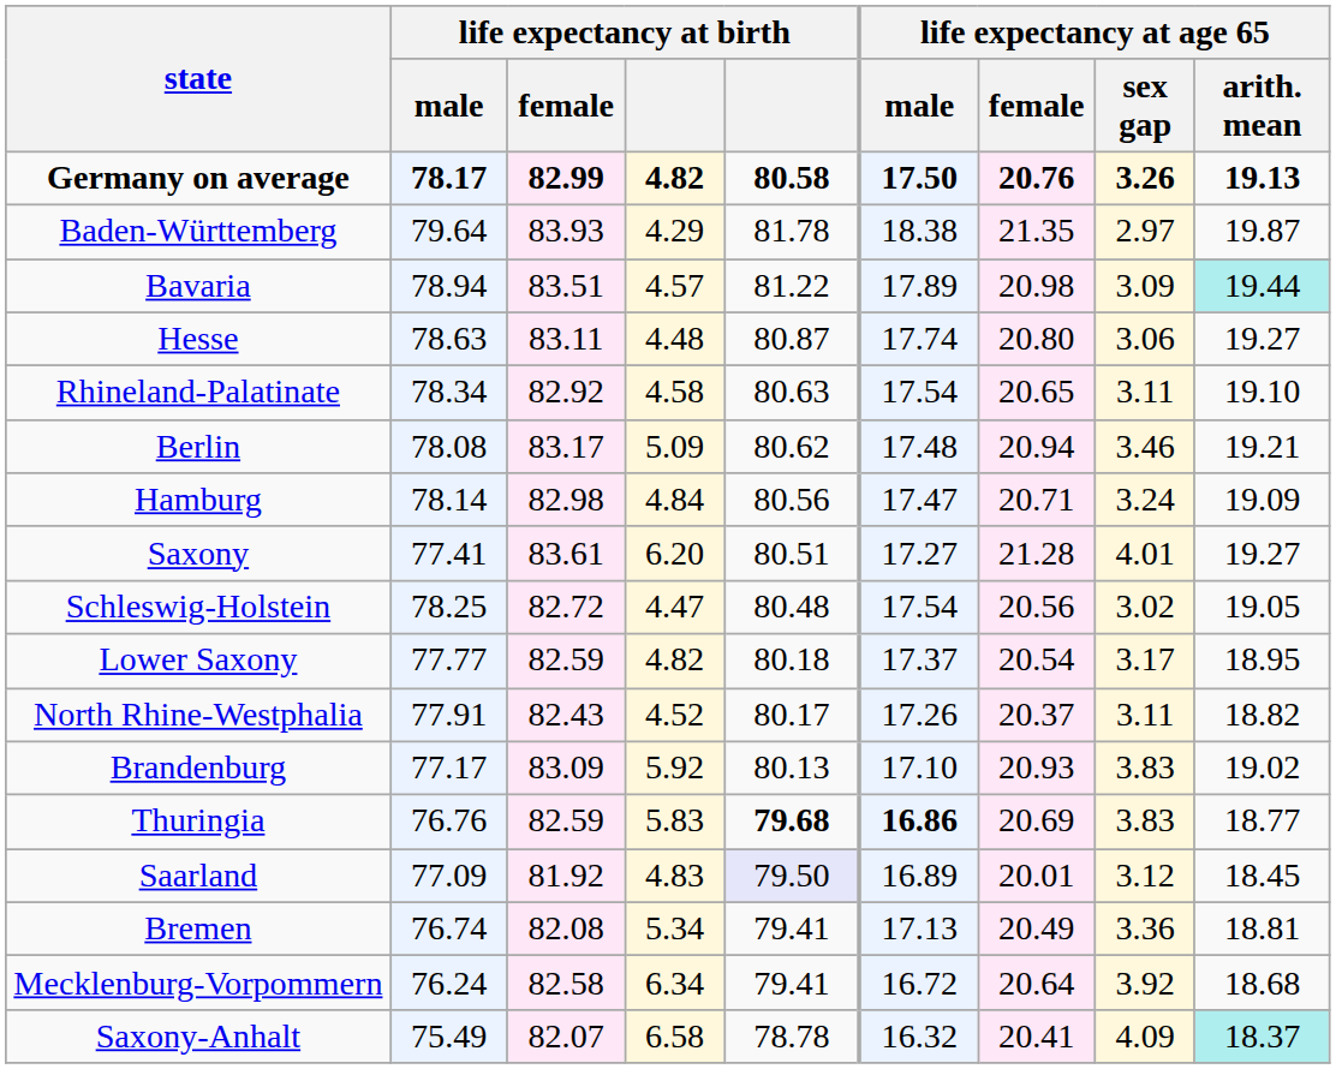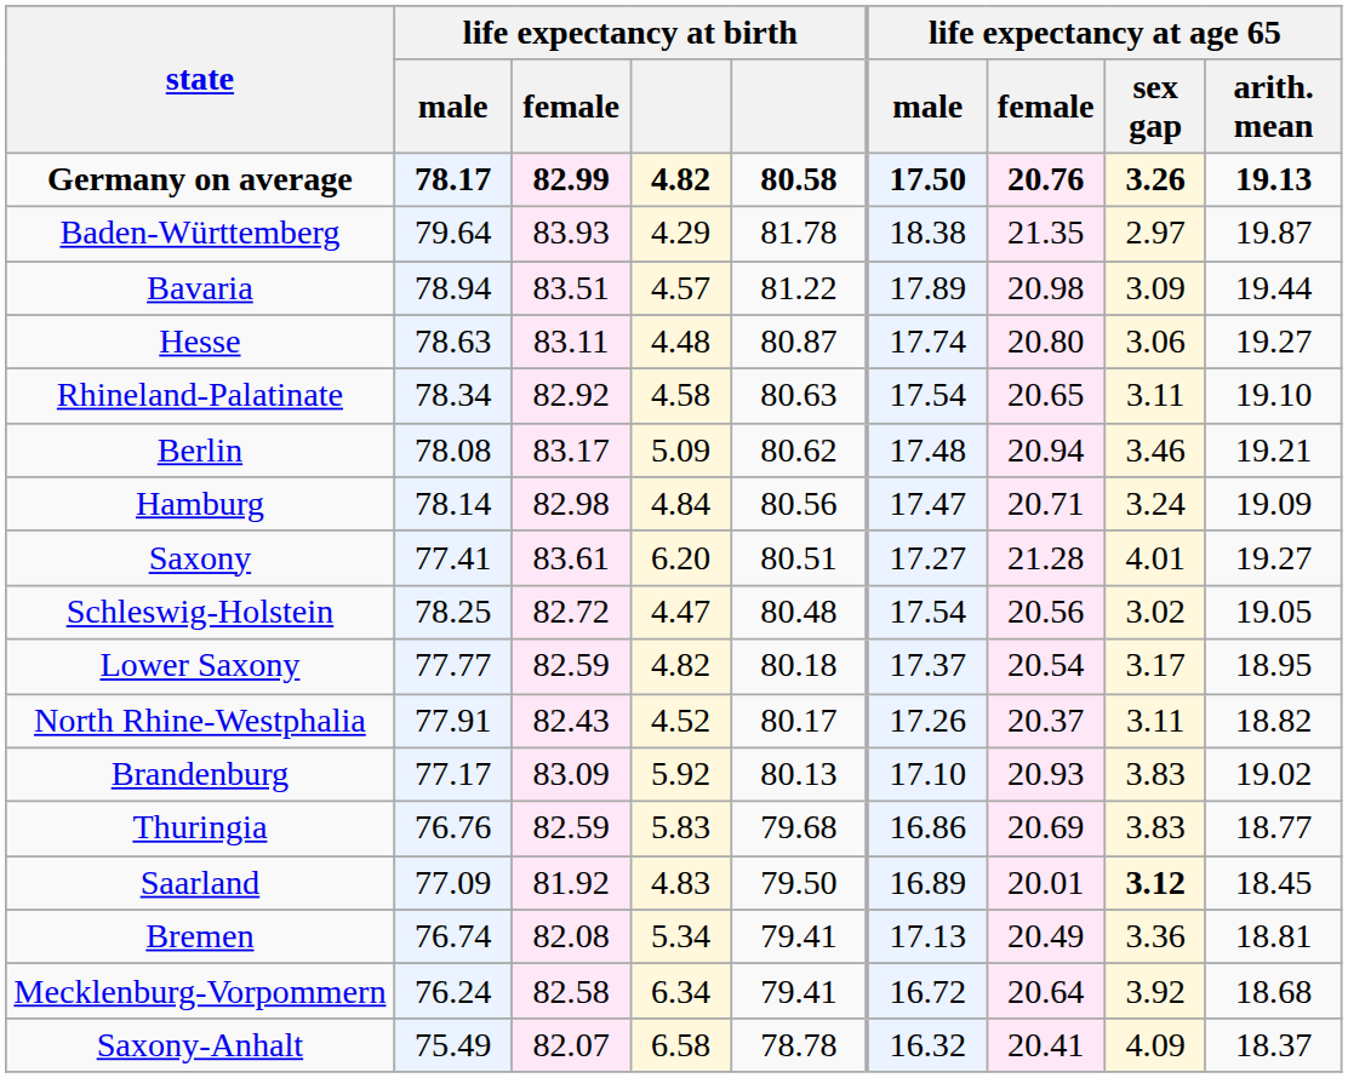 <table class="wikitable sortable mw-datatable static-row-numbers col1left" style="text-align:center;">
 <tr>
 <th rowspan=2 style="vertical-align:middle;"><a href='#'>state</a></th>
 <th colspan=4>life expectancy at birth</th>
 <th colspan=4 style="border-left-width:2px;">life expectancy at age 65</th>
 </tr>
 <tr>
 <th style="vertical-align:middle;width:3em;">male</th>
 <th style="vertical-align:middle;width:3em;">female</th>
 <th style="vertical-align:middle;width:2.5em;"></th>
 <th style="width:3.5em;"></th>
 <th style="vertical-align:middle;width:3em;border-left-width:2px;">male</th>
 <th style="vertical-align:middle;width:3em;">female</th>
 <th style="vertical-align:middle;width:2.5em;">sex gap</th>
 <th style="width:3.5em;">arith. mean</th>
 </tr>
 <tr class=static-row-header>
 <td><strong>Germany on average</strong></td>
 <td style="background:#eaf3ff;"><strong>78.17</strong></td>
 <td style="background:#fee7f6;"><strong>82.99</strong></td>
 <td style="background:#fff8dc;"><strong>4.82</strong></td>
 <td><strong>80.58</strong></td>
 <td style="background:#eaf3ff;border-left-width:2px;"><strong>17.50</strong></td>
 <td style="background:#fee7f6;"><strong>20.76</strong></td>
 <td style="background:#fff8dc;"><strong>3.26</strong></td>
 <td><strong>19.13</strong></td>
 </tr>
 <tr>
 <td><a href='#'>Baden-Württemberg</a></td>
 <td style="background:#eaf3ff;">79.64</td>
 <td style="background:#fee7f6;">83.93</td>
 <td style="background:#fff8dc;">4.29</td>
 <td>81.78</td>
 <td style="background:#eaf3ff;border-left-width:2px;">18.38</td>
 <td style="background:#fee7f6;">21.35</td>
 <td style="background:#fff8dc;">2.97</td>
 <td>19.87</td>
 </tr>
 <tr>
 <td><a href='#'>Bavaria</a></td>
 <td style="background:#eaf3ff;">78.94</td>
 <td style="background:#fee7f6;">83.51</td>
 <td style="background:#fff8dc;">4.57</td>
 <td>81.22</td>
 <td style="background:#eaf3ff;border-left-width:2px;">17.89</td>
 <td style="background:#fee7f6;">20.98</td>
 <td style="background:#fff8dc;">3.09</td>
-<td style="background: paleturquoise;">19.44</td>
+<td>19.44</td>
 </tr>
 <tr>
 <td><a href='#'>Hesse</a></td>
 <td style="background:#eaf3ff;">78.63</td>
 <td style="background:#fee7f6;">83.11</td>
 <td style="background:#fff8dc;">4.48</td>
 <td>80.87</td>
 <td style="background:#eaf3ff;border-left-width:2px;">17.74</td>
 <td style="background:#fee7f6;">20.80</td>
 <td style="background:#fff8dc;">3.06</td>
 <td>19.27</td>
 </tr>
 <tr>
 <td><a href='#'>Rhineland-Palatinate</a></td>
 <td style="background:#eaf3ff;">78.34</td>
 <td style="background:#fee7f6;">82.92</td>
 <td style="background:#fff8dc;">4.58</td>
 <td>80.63</td>
 <td style="background:#eaf3ff;border-left-width:2px;">17.54</td>
 <td style="background:#fee7f6;">20.65</td>
 <td style="background:#fff8dc;">3.11</td>
 <td>19.10</td>
 </tr>
 <tr>
 <td><a href='#'>Berlin</a></td>
 <td style="background:#eaf3ff;">78.08</td>
 <td style="background:#fee7f6;">83.17</td>
 <td style="background:#fff8dc;">5.09</td>
 <td>80.62</td>
 <td style="background:#eaf3ff;border-left-width:2px;">17.48</td>
 <td style="background:#fee7f6;">20.94</td>
 <td style="background:#fff8dc;">3.46</td>
 <td>19.21</td>
 </tr>
 <tr>
 <td><a href='#'>Hamburg</a></td>
 <td style="background:#eaf3ff;">78.14</td>
 <td style="background:#fee7f6;">82.98</td>
 <td style="background:#fff8dc;">4.84</td>
 <td>80.56</td>
 <td style="background:#eaf3ff;border-left-width:2px;">17.47</td>
 <td style="background:#fee7f6;">20.71</td>
 <td style="background:#fff8dc;">3.24</td>
 <td>19.09</td>
 </tr>
 <tr>
 <td><a href='#'>Saxony</a></td>
 <td style="background:#eaf3ff;">77.41</td>
 <td style="background:#fee7f6;">83.61</td>
 <td style="background:#fff8dc;">6.20</td>
 <td>80.51</td>
 <td style="background:#eaf3ff;border-left-width:2px;">17.27</td>
 <td style="background:#fee7f6;">21.28</td>
 <td style="background:#fff8dc;">4.01</td>
 <td>19.27</td>
 </tr>
 <tr>
 <td><a href='#'>Schleswig-Holstein</a></td>
 <td style="background:#eaf3ff;">78.25</td>
 <td style="background:#fee7f6;">82.72</td>
 <td style="background:#fff8dc;">4.47</td>
 <td>80.48</td>
 <td style="background:#eaf3ff;border-left-width:2px;">17.54</td>
 <td style="background:#fee7f6;">20.56</td>
 <td style="background:#fff8dc;">3.02</td>
 <td>19.05</td>
 </tr>
 <tr>
 <td><a href='#'>Lower Saxony</a></td>
 <td style="background:#eaf3ff;">77.77</td>
 <td style="background:#fee7f6;">82.59</td>
 <td style="background:#fff8dc;">4.82</td>
 <td>80.18</td>
 <td style="background:#eaf3ff;border-left-width:2px;">17.37</td>
 <td style="background:#fee7f6;">20.54</td>
 <td style="background:#fff8dc;">3.17</td>
 <td>18.95</td>
 </tr>
 <tr>
 <td><a href='#'>North Rhine-Westphalia</a></td>
 <td style="background:#eaf3ff;">77.91</td>
 <td style="background:#fee7f6;">82.43</td>
 <td style="background:#fff8dc;">4.52</td>
 <td>80.17</td>
 <td style="background:#eaf3ff;border-left-width:2px;">17.26</td>
 <td style="background:#fee7f6;">20.37</td>
 <td style="background:#fff8dc;">3.11</td>
 <td>18.82</td>
 </tr>
 <tr>
 <td><a href='#'>Brandenburg</a></td>
 <td style="background:#eaf3ff;">77.17</td>
 <td style="background:#fee7f6;">83.09</td>
 <td style="background:#fff8dc;">5.92</td>
 <td>80.13</td>
 <td style="background:#eaf3ff;border-left-width:2px;">17.10</td>
 <td style="background:#fee7f6;">20.93</td>
 <td style="background:#fff8dc;">3.83</td>
 <td>19.02</td>
 </tr>
 <tr>
 <td><a href='#'>Thuringia</a></td>
 <td style="background:#eaf3ff;">76.76</td>
 <td style="background:#fee7f6;">82.59</td>
 <td style="background:#fff8dc;">5.83</td>
-<td><strong>79.68</strong></td>
-<td style="background:#eaf3ff;border-left-width:2px;"><strong>16.86</strong></td>
+<td>79.68</td>
+<td style="background:#eaf3ff;border-left-width:2px;">16.86</td>
 <td style="background:#fee7f6;">20.69</td>
 <td style="background:#fff8dc;">3.83</td>
 <td>18.77</td>
 </tr>
 <tr>
 <td><a href='#'>Saarland</a></td>
 <td style="background:#eaf3ff;">77.09</td>
 <td style="background:#fee7f6;">81.92</td>
 <td style="background:#fff8dc;">4.83</td>
-<td style="background: lavender;">79.50</td>
+<td>79.50</td>
 <td style="background:#eaf3ff;border-left-width:2px;">16.89</td>
 <td style="background:#fee7f6;">20.01</td>
-<td style="background:#fff8dc;">3.12</td>
+<td style="background:#fff8dc;"><strong>3.12</strong></td>
 <td>18.45</td>
 </tr>
 <tr>
 <td><a href='#'>Bremen</a></td>
 <td style="background:#eaf3ff;">76.74</td>
 <td style="background:#fee7f6;">82.08</td>
 <td style="background:#fff8dc;">5.34</td>
 <td>79.41</td>
 <td style="background:#eaf3ff;border-left-width:2px;">17.13</td>
 <td style="background:#fee7f6;">20.49</td>
 <td style="background:#fff8dc;">3.36</td>
 <td>18.81</td>
 </tr>
 <tr>
 <td><a href='#'>Mecklenburg-Vorpommern</a></td>
 <td style="background:#eaf3ff;">76.24</td>
 <td style="background:#fee7f6;">82.58</td>
 <td style="background:#fff8dc;">6.34</td>
 <td>79.41</td>
 <td style="background:#eaf3ff;border-left-width:2px;">16.72</td>
 <td style="background:#fee7f6;">20.64</td>
 <td style="background:#fff8dc;">3.92</td>
 <td>18.68</td>
 </tr>
 <tr>
 <td><a href='#'>Saxony-Anhalt</a></td>
 <td style="background:#eaf3ff;">75.49</td>
 <td style="background:#fee7f6;">82.07</td>
 <td style="background:#fff8dc;">6.58</td>
 <td>78.78</td>
 <td style="background:#eaf3ff;border-left-width:2px;">16.32</td>
 <td style="background:#fee7f6;">20.41</td>
 <td style="background:#fff8dc;">4.09</td>
-<td style="background: paleturquoise;">18.37</td>
+<td>18.37</td>
 </tr>
 </table>
